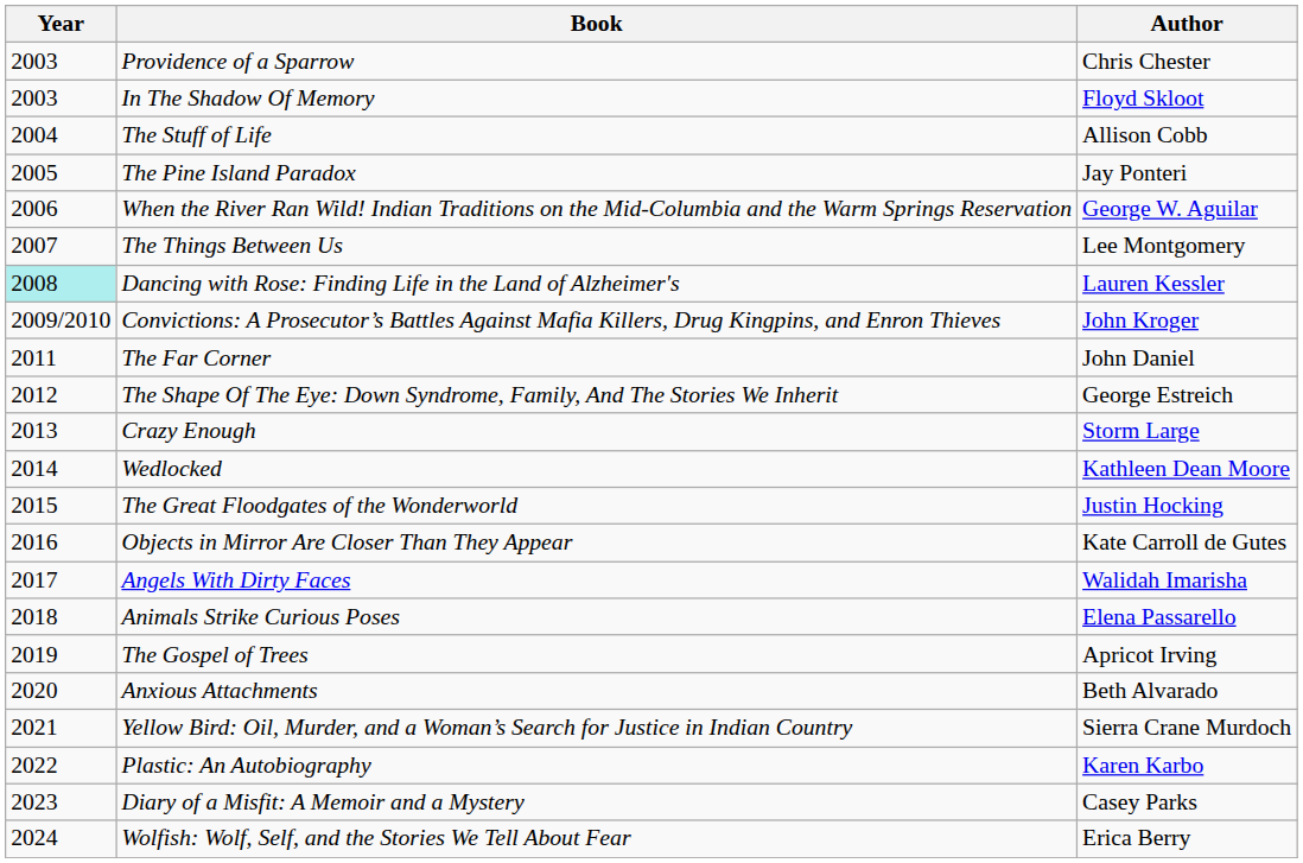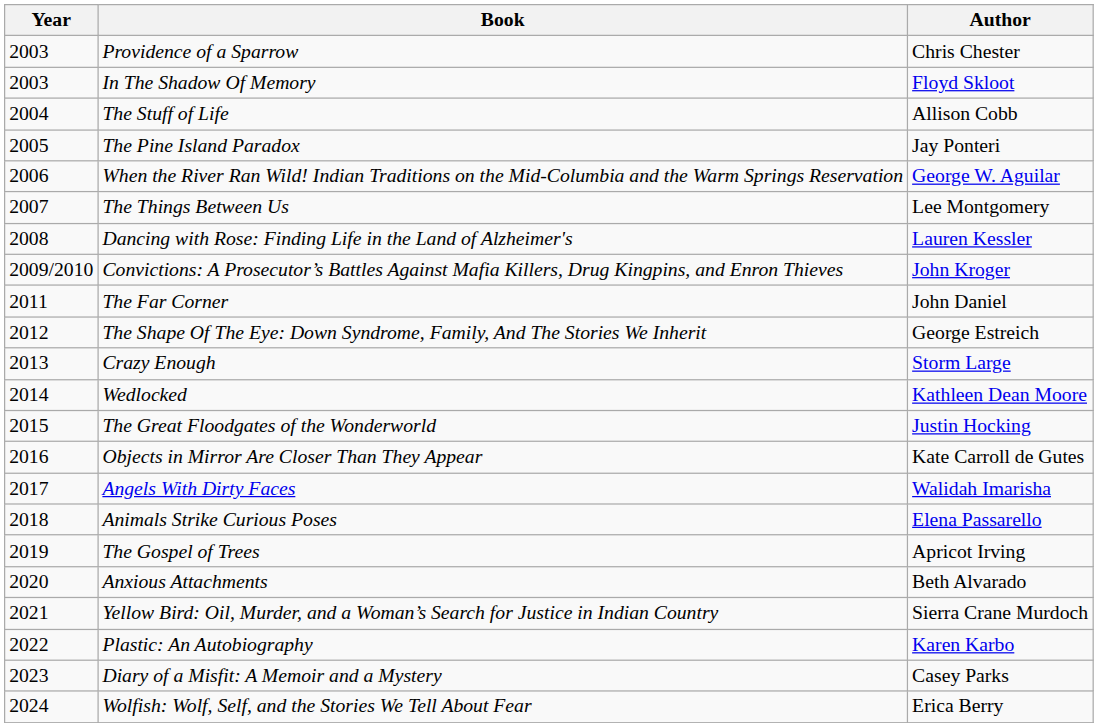 <table class="wikitable sortable">
 <tr>
 <th>Year</th>
 <th>Book</th>
 <th>Author</th>
 </tr>
 <tr>
 <td>2003</td>
 <td><em>Providence of a Sparrow</em></td>
 <td>Chris Chester</td>
 </tr>
 <tr>
 <td>2003</td>
 <td><em>In The Shadow Of Memory</em></td>
 <td><a href='#'>Floyd Skloot</a></td>
 </tr>
 <tr>
 <td>2004</td>
 <td><em>The Stuff of Life</em></td>
 <td>Allison Cobb</td>
 </tr>
 <tr>
 <td>2005</td>
 <td><em>The Pine Island Paradox</em></td>
 <td>Jay Ponteri</td>
 </tr>
 <tr>
 <td>2006</td>
 <td><em>When the River Ran Wild! Indian Traditions on the Mid-Columbia and the Warm Springs Reservation</em></td>
 <td><a href='#'>George W. Aguilar</a></td>
 </tr>
 <tr>
 <td>2007</td>
 <td><em>The Things Between Us</em></td>
 <td>Lee Montgomery</td>
 </tr>
 <tr>
-<td style="background: paleturquoise;">2008</td>
+<td>2008</td>
 <td><em>Dancing with Rose: Finding Life in the Land of Alzheimer's</em></td>
 <td><a href='#'>Lauren Kessler</a></td>
 </tr>
 <tr>
 <td>2009/2010</td>
 <td><em>Convictions: A Prosecutor’s Battles Against Mafia Killers, Drug Kingpins, and Enron Thieves</em></td>
 <td><a href='#'>John Kroger</a></td>
 </tr>
 <tr>
 <td>2011</td>
 <td><em>The Far Corner</em></td>
 <td>John Daniel</td>
 </tr>
 <tr>
 <td>2012</td>
 <td><em>The Shape Of The Eye: Down Syndrome, Family, And The Stories We Inherit</em></td>
 <td>George Estreich</td>
 </tr>
 <tr>
 <td>2013</td>
 <td><em>Crazy Enough</em></td>
 <td><a href='#'>Storm Large</a></td>
 </tr>
 <tr>
 <td>2014</td>
 <td><em>Wedlocked</em></td>
 <td><a href='#'>Kathleen Dean Moore</a></td>
 </tr>
 <tr>
 <td>2015</td>
 <td><em>The Great Floodgates of the Wonderworld</em></td>
 <td><a href='#'>Justin Hocking</a></td>
 </tr>
 <tr>
 <td>2016</td>
 <td><em>Objects in Mirror Are Closer Than They Appear</em></td>
 <td>Kate Carroll de Gutes</td>
 </tr>
 <tr>
 <td>2017</td>
 <td><em><a href='#'>Angels With Dirty Faces</a></em></td>
 <td><a href='#'>Walidah Imarisha</a></td>
 </tr>
 <tr>
 <td>2018</td>
 <td><em>Animals Strike Curious Poses</em></td>
 <td><a href='#'>Elena Passarello</a></td>
 </tr>
 <tr>
 <td>2019</td>
 <td><em>The Gospel of Trees</em></td>
 <td>Apricot Irving</td>
 </tr>
 <tr>
 <td>2020</td>
 <td><em>Anxious Attachments</em></td>
 <td>Beth Alvarado</td>
 </tr>
 <tr>
 <td>2021</td>
 <td><em>Yellow Bird: Oil, Murder, and a Woman’s Search for Justice in Indian Country</em></td>
 <td>Sierra Crane Murdoch</td>
 </tr>
 <tr>
 <td>2022</td>
 <td><em>Plastic: An Autobiography</em></td>
 <td><a href='#'>Karen Karbo</a></td>
 </tr>
 <tr>
 <td>2023</td>
 <td><em>Diary of a Misfit: A Memoir and a Mystery</em></td>
 <td>Casey Parks</td>
 </tr>
 <tr>
 <td>2024</td>
 <td><em>Wolfish: Wolf, Self, and the Stories We Tell About Fear</em></td>
 <td>Erica Berry</td>
 </tr>
 <tr>
 </tr>
 </table>
